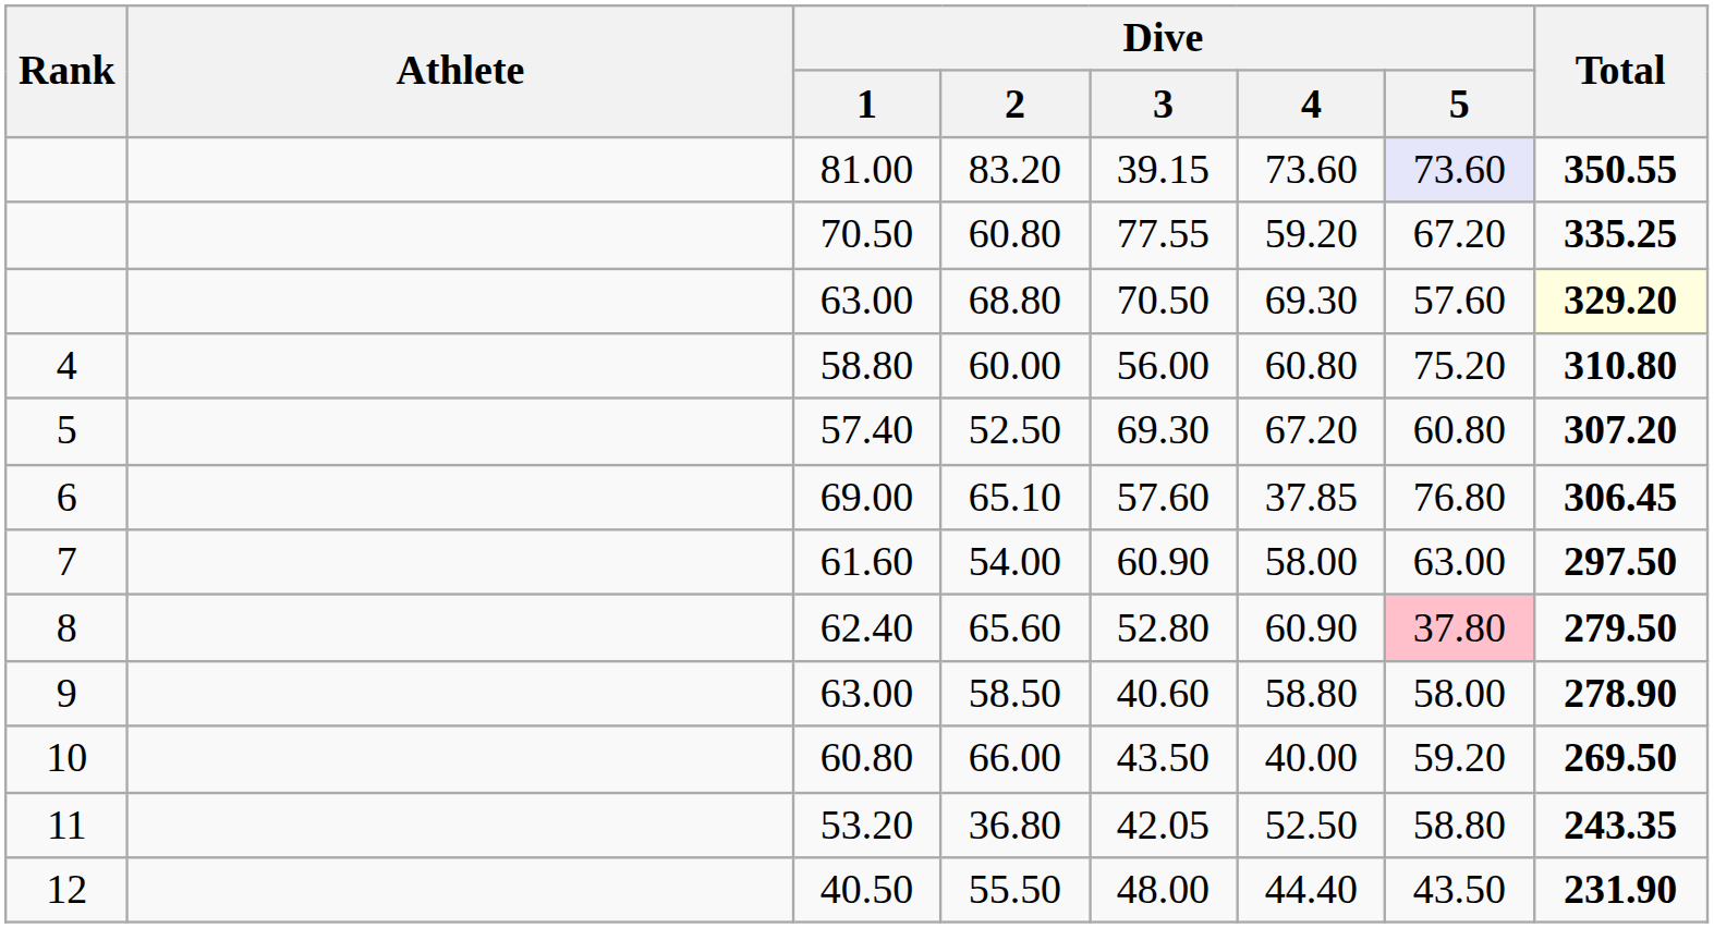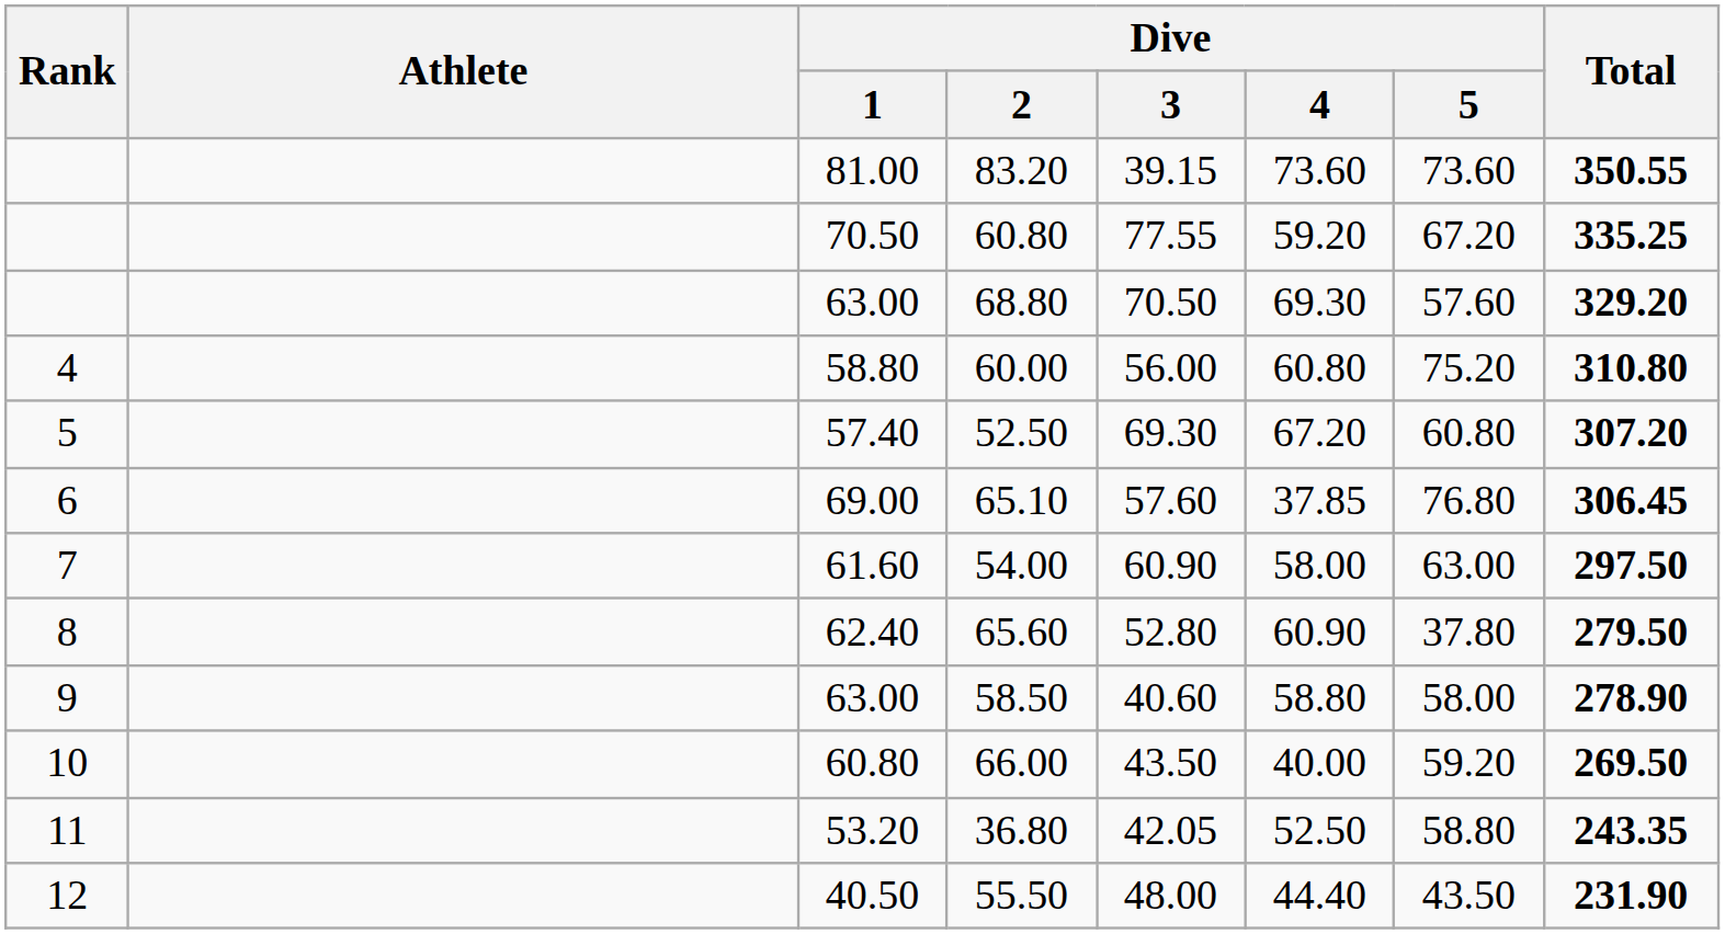 <table class="wikitable" style="text-align:center">
 <tr>
 <th rowspan="2" width="40">Rank</th>
 <th rowspan="2" width="250">Athlete</th>
 <th colspan="5">Dive</th>
 <th rowspan="2" width="60">Total</th>
 </tr>
 <tr>
 <th width="50">1</th>
 <th width="50">2</th>
 <th width="50">3</th>
 <th width="50">4</th>
 <th width="50">5</th>
 </tr>
 <tr>
 <td></td>
 <td align="left"></td>
 <td>81.00</td>
 <td>83.20</td>
 <td>39.15</td>
 <td>73.60</td>
-<td style="background: lavender;">73.60</td>
+<td>73.60</td>
 <td><strong>350.55</strong></td>
 </tr>
 <tr>
 <td></td>
 <td align="left"></td>
 <td>70.50</td>
 <td>60.80</td>
 <td>77.55</td>
 <td>59.20</td>
 <td>67.20</td>
 <td><strong>335.25</strong></td>
 </tr>
 <tr>
 <td></td>
 <td align="left"></td>
 <td>63.00</td>
 <td>68.80</td>
 <td>70.50</td>
 <td>69.30</td>
 <td>57.60</td>
-<td style="background: lightyellow;"><strong>329.20</strong></td>
+<td><strong>329.20</strong></td>
 </tr>
 <tr>
 <td>4</td>
 <td align="left"></td>
 <td>58.80</td>
 <td>60.00</td>
 <td>56.00</td>
 <td>60.80</td>
 <td>75.20</td>
 <td><strong>310.80</strong></td>
 </tr>
 <tr>
 <td>5</td>
 <td align="left"></td>
 <td>57.40</td>
 <td>52.50</td>
 <td>69.30</td>
 <td>67.20</td>
 <td>60.80</td>
 <td><strong>307.20</strong></td>
 </tr>
 <tr>
 <td>6</td>
 <td align="left"></td>
 <td>69.00</td>
 <td>65.10</td>
 <td>57.60</td>
 <td>37.85</td>
 <td>76.80</td>
 <td><strong>306.45</strong></td>
 </tr>
 <tr>
 <td>7</td>
 <td align="left"></td>
 <td>61.60</td>
 <td>54.00</td>
 <td>60.90</td>
 <td>58.00</td>
 <td>63.00</td>
 <td><strong>297.50</strong></td>
 </tr>
 <tr>
 <td>8</td>
 <td align="left"></td>
 <td>62.40</td>
 <td>65.60</td>
 <td>52.80</td>
 <td>60.90</td>
-<td style="background: pink;">37.80</td>
+<td>37.80</td>
 <td><strong>279.50</strong></td>
 </tr>
 <tr>
 <td>9</td>
 <td align="left"></td>
 <td>63.00</td>
 <td>58.50</td>
 <td>40.60</td>
 <td>58.80</td>
 <td>58.00</td>
 <td><strong>278.90</strong></td>
 </tr>
 <tr>
 <td>10</td>
 <td align="left"></td>
 <td>60.80</td>
 <td>66.00</td>
 <td>43.50</td>
 <td>40.00</td>
 <td>59.20</td>
 <td><strong>269.50</strong></td>
 </tr>
 <tr>
 <td>11</td>
 <td align="left"></td>
 <td>53.20</td>
 <td>36.80</td>
 <td>42.05</td>
 <td>52.50</td>
 <td>58.80</td>
 <td><strong>243.35</strong></td>
 </tr>
 <tr>
 <td>12</td>
 <td align="left"></td>
 <td>40.50</td>
 <td>55.50</td>
 <td>48.00</td>
 <td>44.40</td>
 <td>43.50</td>
 <td><strong>231.90</strong></td>
 </tr>
 </table>
